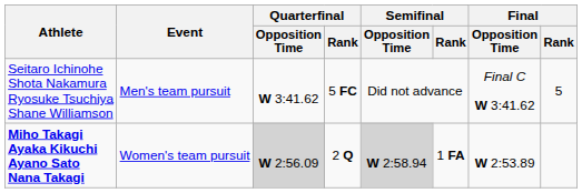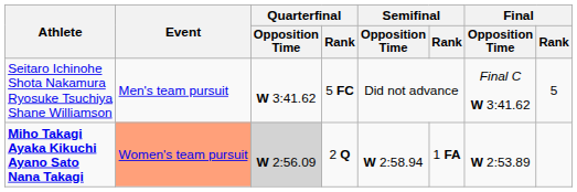 <table class="wikitable" style="font-size:90%">
 <tr>
 <th rowspan="2">Athlete</th>
 <th rowspan="2">Event</th>
 <th colspan=2>Quarterfinal</th>
 <th colspan=2>Semifinal</th>
 <th colspan="2">Final</th>
 </tr>
 <tr style="font-size:95%">
 <th>Opposition<br>Time</th>
 <th>Rank</th>
 <th>Opposition<br>Time</th>
 <th>Rank</th>
 <th>Opposition<br>Time</th>
 <th>Rank</th>
 </tr>
 <tr align=center>
 <td align=left><a href='#'>Seitaro Ichinohe</a><br><a href='#'>Shota Nakamura</a><br><a href='#'>Ryosuke Tsuchiya</a><br><a href='#'>Shane Williamson</a></td>
 <td align=left><a href='#'>Men's team pursuit</a></td>
 <td><br><strong>W</strong> 3:41.62</td>
 <td>5 <strong>FC</strong></td>
 <td colspan=2>Did not advance</td>
 <td><em>Final C</em><br><br><strong>W</strong> 3:41.62</td>
 <td>5</td>
 </tr>
 <tr align=center>
 <td align=left><strong><a href='#'>Miho Takagi</a><br><a href='#'>Ayaka Kikuchi</a><br><a href='#'>Ayano Sato</a><br><a href='#'>Nana Takagi</a></strong></td>
-<td align=left><a href='#'>Women's team pursuit</a></td>
+<td align=left style="background: lightsalmon;"><a href='#'>Women's team pursuit</a></td>
 <td style="background: lightgrey;"><br><strong>W</strong> 2:56.09</td>
 <td>2 <strong>Q</strong></td>
-<td style="background: lightgrey;"><br><strong>W</strong> 2:58.94</td>
+<td><br><strong>W</strong> 2:58.94</td>
 <td>1 <strong>FA</strong></td>
 <td><br><strong>W</strong> 2:53.89 </td>
 <td></td>
 </tr>
 </table>
